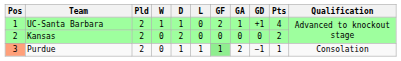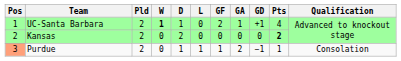 <table class="wikitable" style="text-align:center; margin: 1em auto">
 <tr>
 <th style=width:2em>Pos</th>
 <th style=width:13em>Team</th>
 <th style=width:2em>Pld</th>
 <th style=width:2em>W</th>
 <th style=width:2em>D</th>
 <th style=width:2em>L</th>
 <th style=width:2em>GF</th>
 <th style=width:2em>GA</th>
 <th style=width:2em>GD</th>
 <th style=width:2em>Pts</th>
 <th style=width:13em>Qualification</th>
 </tr>
 <tr bgcolor="#9eff9e">
 <td>1</td>
 <td style="text-align:left">UC-Santa Barbara</td>
 <td>2</td>
-<td>1</td>
+<td><strong>1</strong></td>
 <td>1</td>
 <td>0</td>
 <td>2</td>
 <td>1</td>
 <td>+1</td>
 <td>4</td>
 <td rowspan="2">Advanced to knockout stage</td>
 </tr>
 <tr bgcolor="#9eff9e">
 <td>2</td>
 <td style="text-align:left">Kansas</td>
 <td>2</td>
 <td>0</td>
 <td>2</td>
 <td>0</td>
 <td>0</td>
 <td>0</td>
 <td>0</td>
-<td>2</td>
+<td><strong>2</strong></td>
 </tr>
 <tr>
 <td style="background: lightsalmon;">3</td>
 <td style="text-align:left">Purdue</td>
 <td>2</td>
 <td>0</td>
 <td>1</td>
 <td>1</td>
-<td style="background: lightgreen;">1</td>
+<td>1</td>
 <td>2</td>
 <td>−1</td>
 <td>1</td>
 <td>Consolation</td>
 </tr>
 </table>
